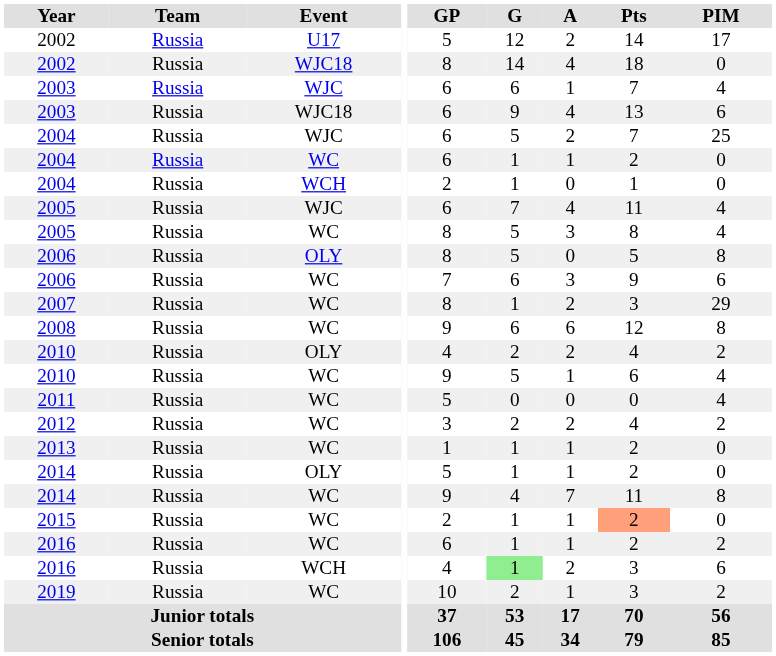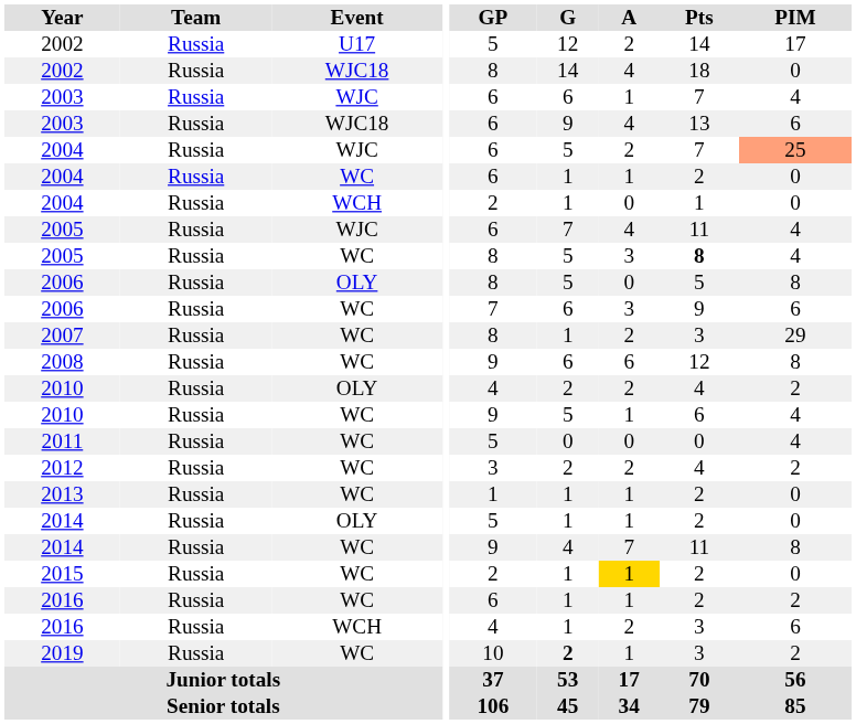 <table border="0" cellpadding="1" cellspacing="0" ID="Table3" style="text-align:center; width:40em">
 <tr bgcolor="#e0e0e0">
 <th>Year</th>
 <th>Team</th>
 <th>Event</th>
 <th rowspan="102" bgcolor="#ffffff"></th>
 <th>GP</th>
 <th>G</th>
 <th>A</th>
 <th>Pts</th>
 <th>PIM</th>
 </tr>
 <tr>
 <td>2002</td>
 <td><a href='#'>Russia</a></td>
 <td><a href='#'>U17</a></td>
 <td>5</td>
 <td>12</td>
 <td>2</td>
 <td>14</td>
 <td>17</td>
 </tr>
 <tr bgcolor="#f0f0f0">
 <td><a href='#'>2002</a></td>
 <td>Russia</td>
 <td><a href='#'>WJC18</a></td>
 <td>8</td>
 <td>14</td>
 <td>4</td>
 <td>18</td>
 <td>0</td>
 </tr>
 <tr>
 <td><a href='#'>2003</a></td>
 <td><a href='#'>Russia</a></td>
 <td><a href='#'>WJC</a></td>
 <td>6</td>
 <td>6</td>
 <td>1</td>
 <td>7</td>
 <td>4</td>
 </tr>
 <tr bgcolor="#f0f0f0">
 <td><a href='#'>2003</a></td>
 <td>Russia</td>
 <td>WJC18</td>
 <td>6</td>
 <td>9</td>
 <td>4</td>
 <td>13</td>
 <td>6</td>
 </tr>
 <tr>
 <td><a href='#'>2004</a></td>
 <td>Russia</td>
 <td>WJC</td>
 <td>6</td>
 <td>5</td>
 <td>2</td>
 <td>7</td>
-<td>25</td>
+<td style="background: lightsalmon;">25</td>
 </tr>
 <tr bgcolor="#f0f0f0">
 <td><a href='#'>2004</a></td>
 <td><a href='#'>Russia</a></td>
 <td><a href='#'>WC</a></td>
 <td>6</td>
 <td>1</td>
 <td>1</td>
 <td>2</td>
 <td>0</td>
 </tr>
 <tr>
 <td><a href='#'>2004</a></td>
 <td>Russia</td>
 <td><a href='#'>WCH</a></td>
 <td>2</td>
 <td>1</td>
 <td>0</td>
 <td>1</td>
 <td>0</td>
 </tr>
 <tr bgcolor="#f0f0f0">
 <td><a href='#'>2005</a></td>
 <td>Russia</td>
 <td>WJC</td>
 <td>6</td>
 <td>7</td>
 <td>4</td>
 <td>11</td>
 <td>4</td>
 </tr>
 <tr>
 <td><a href='#'>2005</a></td>
 <td>Russia</td>
 <td>WC</td>
 <td>8</td>
 <td>5</td>
 <td>3</td>
-<td>8</td>
+<td><strong>8</strong></td>
 <td>4</td>
 </tr>
 <tr bgcolor="#f0f0f0">
 <td><a href='#'>2006</a></td>
 <td>Russia</td>
 <td><a href='#'>OLY</a></td>
 <td>8</td>
 <td>5</td>
 <td>0</td>
 <td>5</td>
 <td>8</td>
 </tr>
 <tr>
 <td><a href='#'>2006</a></td>
 <td>Russia</td>
 <td>WC</td>
 <td>7</td>
 <td>6</td>
 <td>3</td>
 <td>9</td>
 <td>6</td>
 </tr>
 <tr bgcolor="#f0f0f0">
 <td><a href='#'>2007</a></td>
 <td>Russia</td>
 <td>WC</td>
 <td>8</td>
 <td>1</td>
 <td>2</td>
 <td>3</td>
 <td>29</td>
 </tr>
 <tr>
 <td><a href='#'>2008</a></td>
 <td>Russia</td>
 <td>WC</td>
 <td>9</td>
 <td>6</td>
 <td>6</td>
 <td>12</td>
 <td>8</td>
 </tr>
 <tr bgcolor="#f0f0f0">
 <td><a href='#'>2010</a></td>
 <td>Russia</td>
 <td>OLY</td>
 <td>4</td>
 <td>2</td>
 <td>2</td>
 <td>4</td>
 <td>2</td>
 </tr>
 <tr>
 <td><a href='#'>2010</a></td>
 <td>Russia</td>
 <td>WC</td>
 <td>9</td>
 <td>5</td>
 <td>1</td>
 <td>6</td>
 <td>4</td>
 </tr>
 <tr bgcolor="#f0f0f0">
 <td><a href='#'>2011</a></td>
 <td>Russia</td>
 <td>WC</td>
 <td>5</td>
 <td>0</td>
 <td>0</td>
 <td>0</td>
 <td>4</td>
 </tr>
 <tr>
 <td><a href='#'>2012</a></td>
 <td>Russia</td>
 <td>WC</td>
 <td>3</td>
 <td>2</td>
 <td>2</td>
 <td>4</td>
 <td>2</td>
 </tr>
 <tr bgcolor="#f0f0f0">
 <td><a href='#'>2013</a></td>
 <td>Russia</td>
 <td>WC</td>
 <td>1</td>
 <td>1</td>
 <td>1</td>
 <td>2</td>
 <td>0</td>
 </tr>
 <tr>
 <td><a href='#'>2014</a></td>
 <td>Russia</td>
 <td>OLY</td>
 <td>5</td>
 <td>1</td>
 <td>1</td>
 <td>2</td>
 <td>0</td>
 </tr>
 <tr bgcolor="#f0f0f0">
 <td><a href='#'>2014</a></td>
 <td>Russia</td>
 <td>WC</td>
 <td>9</td>
 <td>4</td>
 <td>7</td>
 <td>11</td>
 <td>8</td>
 </tr>
 <tr>
 <td><a href='#'>2015</a></td>
 <td>Russia</td>
 <td>WC</td>
 <td>2</td>
 <td>1</td>
-<td>1</td>
-<td style="background: lightsalmon;">2</td>
+<td style="background: gold;">1</td>
+<td>2</td>
 <td>0</td>
 </tr>
 <tr bgcolor="#f0f0f0">
 <td><a href='#'>2016</a></td>
 <td>Russia</td>
 <td>WC</td>
 <td>6</td>
 <td>1</td>
 <td>1</td>
 <td>2</td>
 <td>2</td>
 </tr>
 <tr>
 <td><a href='#'>2016</a></td>
 <td>Russia</td>
 <td>WCH</td>
 <td>4</td>
-<td style="background: lightgreen;">1</td>
+<td>1</td>
 <td>2</td>
 <td>3</td>
 <td>6</td>
 </tr>
 <tr bgcolor="#f0f0f0">
 <td><a href='#'>2019</a></td>
 <td>Russia</td>
 <td>WC</td>
 <td>10</td>
-<td>2</td>
+<td><strong>2</strong></td>
 <td>1</td>
 <td>3</td>
 <td>2</td>
 </tr>
 <tr bgcolor="#e0e0e0">
 <th colspan="3">Junior totals</th>
 <th>37</th>
 <th>53</th>
 <th>17</th>
 <th>70</th>
 <th>56</th>
 </tr>
 <tr bgcolor="#e0e0e0">
 <th colspan="3">Senior totals</th>
 <th>106</th>
 <th>45</th>
 <th>34</th>
 <th>79</th>
 <th>85</th>
 </tr>
 </table>
